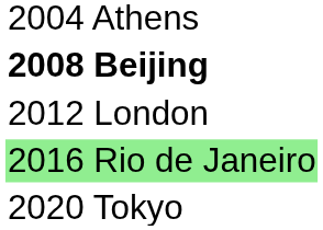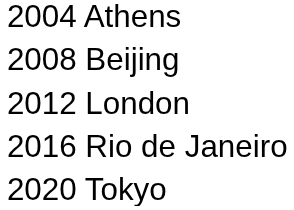 <table>
 <tr>
 <td>2004 Athens <br></td>
 <td></td>
 <td></td>
 <td></td>
 </tr>
 <tr>
-<td><strong>2008 Beijing <br></strong></td>
+<td>2008 Beijing <br></td>
 <td></td>
 <td></td>
 <td></td>
 </tr>
 <tr>
 <td>2012 London <br></td>
 <td></td>
 <td></td>
 <td></td>
 </tr>
 <tr>
-<td style="background: lightgreen;">2016 Rio de Janeiro <br></td>
+<td>2016 Rio de Janeiro <br></td>
 <td></td>
 <td></td>
 <td></td>
 </tr>
 <tr>
 <td>2020 Tokyo <br></td>
 <td></td>
 <td></td>
 <td></td>
 </tr>
 </table>
